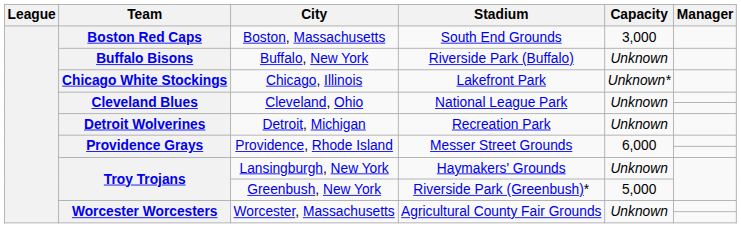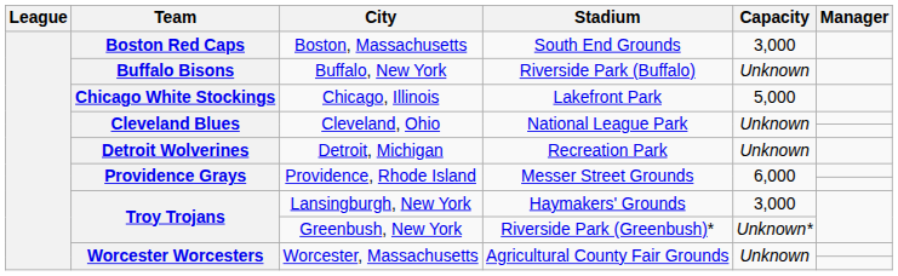 <table class="wikitable sortable plainrowheaders" style="text-align:center;">
 <tr>
 <th scope="col">League</th>
 <th scope="col">Team</th>
 <th scope="col">City</th>
 <th scope="col">Stadium</th>
 <th scope="col">Capacity</th>
 <th scope="col">Manager</th>
 </tr>
 <tr>
 <th rowspan="12"></th>
 <th scope="row"><a href='#'>Boston Red Caps</a></th>
 <td><a href='#'>Boston</a>, <a href='#'>Massachusetts</a></td>
 <td><a href='#'>South End Grounds</a></td>
 <td>3,000</td>
 <td></td>
 </tr>
 <tr>
 <th scope="row"><a href='#'>Buffalo Bisons</a></th>
 <td><a href='#'>Buffalo</a>, <a href='#'>New York</a></td>
 <td><a href='#'>Riverside Park (Buffalo)</a></td>
 <td><em>Unknown</em></td>
 <td></td>
 </tr>
 <tr>
 <th scope="row"><a href='#'>Chicago White Stockings</a></th>
 <td><a href='#'>Chicago</a>, <a href='#'>Illinois</a></td>
 <td><a href='#'>Lakefront Park</a></td>
-<td><em>Unknown*</em></td>
+<td>5,000</td>
 <td></td>
 </tr>
 <tr>
 <th rowspan="2" scope="row"><a href='#'>Cleveland Blues</a></th>
 <td rowspan="2"><a href='#'>Cleveland</a>, <a href='#'>Ohio</a></td>
 <td rowspan="2"><a href='#'>National League Park</a></td>
 <td rowspan="2"><em>Unknown</em></td>
 <td></td>
 </tr>
 <tr>
 <td></td>
 </tr>
 <tr>
 <th scope="row"><a href='#'>Detroit Wolverines</a></th>
 <td><a href='#'>Detroit</a>, <a href='#'>Michigan</a></td>
 <td><a href='#'>Recreation Park</a></td>
 <td><em>Unknown</em></td>
 <td></td>
 </tr>
 <tr>
 <th rowspan="2" scope="row"><a href='#'>Providence Grays</a></th>
 <td rowspan="2"><a href='#'>Providence</a>, <a href='#'>Rhode Island</a></td>
 <td rowspan="2"><a href='#'>Messer Street Grounds</a></td>
 <td rowspan="2">6,000</td>
 <td></td>
 </tr>
 <tr>
 <td></td>
 </tr>
 <tr>
 <th rowspan="2" scope="row"><a href='#'>Troy Trojans</a></th>
 <td><a href='#'>Lansingburgh</a>, <a href='#'>New York</a></td>
 <td><a href='#'>Haymakers' Grounds</a></td>
-<td><em>Unknown</em></td>
+<td>3,000</td>
 <td rowspan="2"></td>
 </tr>
 <tr>
 <td><a href='#'>Greenbush</a>, <a href='#'>New York</a></td>
 <td><a href='#'>Riverside Park (Greenbush)</a>*</td>
-<td>5,000</td>
+<td><em>Unknown*</em></td>
 </tr>
 <tr>
 <th rowspan="2" scope="row"><a href='#'>Worcester Worcesters</a></th>
 <td rowspan="2"><a href='#'>Worcester</a>, <a href='#'>Massachusetts</a></td>
 <td rowspan="2"><a href='#'>Agricultural County Fair Grounds</a></td>
 <td rowspan="2"><em>Unknown</em></td>
 <td></td>
 </tr>
 <tr>
 <td></td>
 </tr>
 </table>
